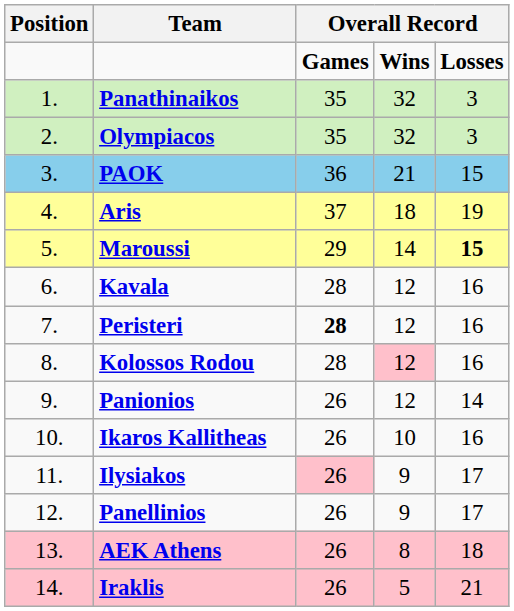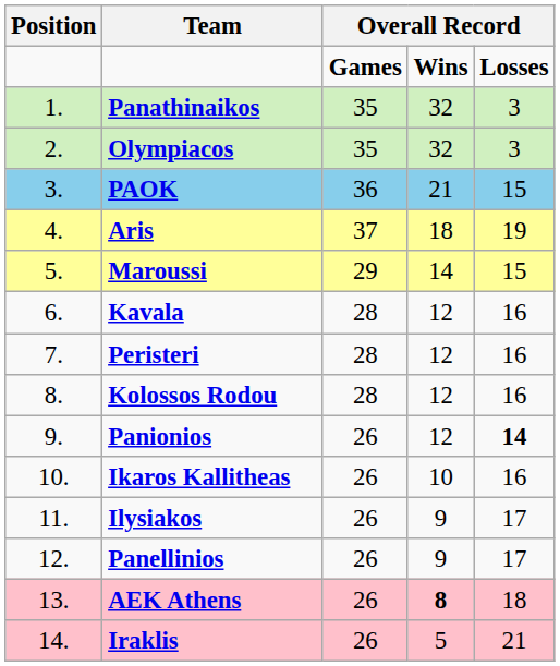 <table class="wikitable" style="text-align: center; font-size:95%">
 <tr>
 <th width="44">Position</th>
 <th width="128">Team</th>
 <th colspan=4>Overall Record</th>
 </tr>
 <tr>
 <td></td>
 <td></td>
 <td width="30"><strong>Games</strong></td>
 <td width="30"><strong>Wins</strong></td>
 <td width="30"><strong>Losses</strong></td>
 </tr>
 <tr bgcolor="D0F0C0">
 <td>1.</td>
 <td align="left"><strong><a href='#'>Panathinaikos</a></strong></td>
 <td>35</td>
 <td>32</td>
 <td>3</td>
 </tr>
 <tr bgcolor="D0F0C0">
 <td>2.</td>
 <td align="left"><strong><a href='#'>Olympiacos</a></strong></td>
 <td>35</td>
 <td>32</td>
 <td>3</td>
 </tr>
 <tr bgcolor="87ceeb">
 <td>3.</td>
 <td align="left"><strong><a href='#'>PAOK</a></strong></td>
 <td>36</td>
 <td>21</td>
 <td>15</td>
 </tr>
 <tr bgcolor="FFFF99">
 <td>4.</td>
 <td align="left"><strong><a href='#'>Aris</a></strong></td>
 <td>37</td>
 <td>18</td>
 <td>19</td>
 </tr>
 <tr bgcolor="FFFF99">
 <td>5.</td>
 <td align="left"><strong><a href='#'>Maroussi</a></strong></td>
 <td>29</td>
 <td>14</td>
-<td><strong>15</strong></td>
+<td>15</td>
 </tr>
 <tr>
 <td>6.</td>
 <td align="left"><strong><a href='#'>Kavala</a></strong></td>
 <td>28</td>
 <td>12</td>
 <td>16</td>
 </tr>
 <tr>
 <td>7.</td>
 <td align="left"><strong><a href='#'>Peristeri</a></strong></td>
-<td><strong>28</strong></td>
+<td>28</td>
 <td>12</td>
 <td>16</td>
 </tr>
 <tr>
 <td>8.</td>
 <td align="left"><strong><a href='#'>Kolossos Rodou</a></strong></td>
 <td>28</td>
-<td style="background: pink;">12</td>
+<td>12</td>
 <td>16</td>
 </tr>
 <tr>
 <td>9.</td>
 <td align="left"><strong><a href='#'>Panionios</a></strong></td>
 <td>26</td>
 <td>12</td>
-<td>14</td>
+<td><strong>14</strong></td>
 </tr>
 <tr>
 <td>10.</td>
 <td align="left"><strong><a href='#'>Ikaros Kallitheas</a></strong></td>
 <td>26</td>
 <td>10</td>
 <td>16</td>
 </tr>
 <tr>
 <td>11.</td>
 <td align="left"><strong><a href='#'>Ilysiakos</a></strong></td>
-<td style="background: pink;">26</td>
+<td>26</td>
 <td>9</td>
 <td>17</td>
 </tr>
 <tr>
 <td>12.</td>
 <td align="left"><strong><a href='#'>Panellinios</a></strong></td>
 <td>26</td>
 <td>9</td>
 <td>17</td>
 </tr>
 <tr bgcolor="ffc0cb">
 <td>13.</td>
 <td align="left"><strong><a href='#'>AEK Athens</a></strong></td>
 <td>26</td>
-<td>8</td>
+<td><strong>8</strong></td>
 <td>18</td>
 </tr>
 <tr bgcolor="ffc0cb">
 <td>14.</td>
 <td align="left"><strong><a href='#'>Iraklis</a></strong></td>
 <td>26</td>
 <td>5</td>
 <td>21</td>
 </tr>
 </table>
